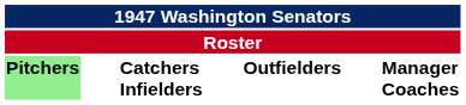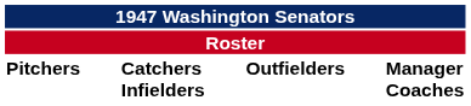 <table class="toccolours" style="font-size: 95%;">
 <tr>
 <th colspan="10" style="background-color: #072764; color: white; text-align: center;">1947 Washington Senators</th>
 </tr>
 <tr>
 <td colspan="10" style="background-color: #c6011f; color: white; text-align: center;"><strong>Roster</strong></td>
 </tr>
 <tr>
-<td valign="top" style="background: lightgreen;"><strong>Pitchers</strong><br>              </td>
+<td valign="top"><strong>Pitchers</strong><br>              </td>
 <td width="25px"></td>
 <td valign="top"><strong>Catchers</strong><br>   <strong>Infielders</strong>         </td>
 <td width="25px"></td>
 <td valign="top"><strong>Outfielders</strong><br>        </td>
 <td width="25px"></td>
 <td valign="top"><strong>Manager</strong><br> <strong>Coaches</strong>     </td>
 </tr>
 <tr>
 </tr>
 </table>
